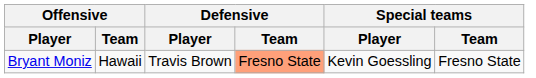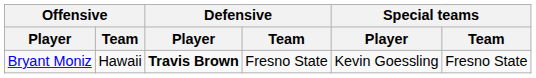 <table class="wikitable">
 <tr>
 <th colspan="2">Offensive</th>
 <th colspan="2">Defensive</th>
 <th colspan="2">Special teams</th>
 </tr>
 <tr>
 <th>Player</th>
 <th>Team</th>
 <th>Player</th>
 <th>Team</th>
 <th>Player</th>
 <th>Team</th>
 </tr>
 <tr>
 <td><a href='#'>Bryant Moniz</a></td>
 <td>Hawaii</td>
-<td>Travis Brown</td>
-<td style="background: lightsalmon;">Fresno State</td>
+<td><strong>Travis Brown</strong></td>
+<td>Fresno State</td>
 <td>Kevin Goessling</td>
 <td>Fresno State</td>
 </tr>
 </table>
